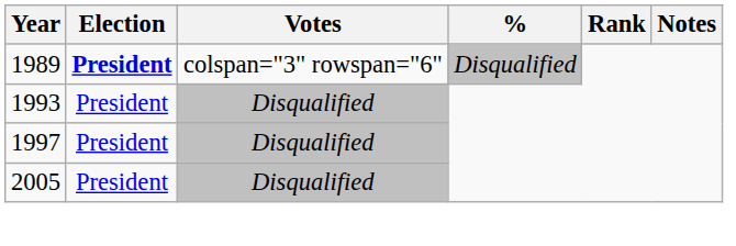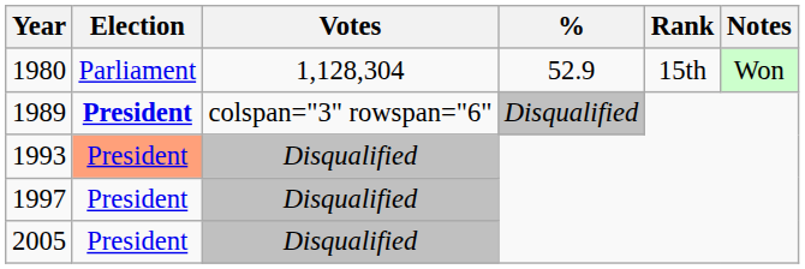 <table class="wikitable" style="text-align:center;">
 <tr>
 <th>Year</th>
 <th>Election</th>
 <th>Votes</th>
 <th>%</th>
 <th>Rank</th>
 <th>Notes</th>
 </tr>
 <tr>
+<td>1980</td>
+<td><a href='#'>Parliament</a></td>
+<td>1,128,304</td>
+<td>52.9</td>
+<td>15th</td>
+<td style="background-color:#CCFFCC">Won</td>
+</tr>
+<tr>
 <td>1989</td>
 <td><strong><a href='#'>President</a></strong></td>
 <td>colspan="3" rowspan="6" </td>
 <td style="background-color:#C0C0C0"><em>Disqualified</em></td>
 </tr>
 <tr>
 <td>1993</td>
-<td><a href='#'>President</a></td>
+<td style="background: lightsalmon;"><a href='#'>President</a></td>
 <td style="background-color:#C0C0C0"><em>Disqualified</em></td>
 </tr>
 <tr>
 <td>1997</td>
 <td><a href='#'>President</a></td>
 <td style="background-color:#C0C0C0"><em>Disqualified</em></td>
 </tr>
 <tr>
 <td>2005</td>
 <td><a href='#'>President</a></td>
 <td style="background-color:#C0C0C0"><em>Disqualified</em></td>
 </tr>
 </table>
